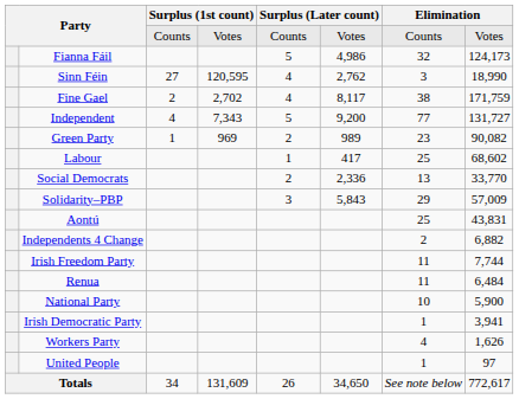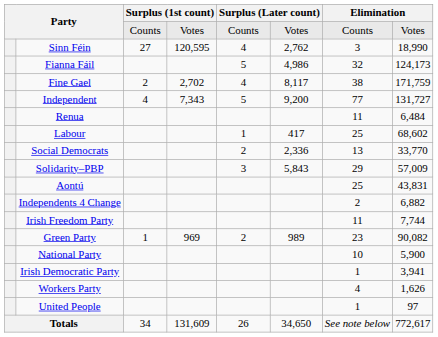 <table class="wikitable" style="text-align:center;">
 <tr style="text-align:right; background-color:#E9E9E9; text-align:center">
 <th rowspan="2" colspan="2">Party</th>
 <th colspan="2">Surplus (1st count)</th>
 <th colspan="2">Surplus (Later count)</th>
 <th colspan="2">Elimination</th>
 </tr>
 <tr style="text-align:right; background-color:#E9E9E9; text-align:center">
 <td>Counts</td>
 <td>Votes</td>
 <td>Counts</td>
 <td>Votes</td>
 <td>Counts</td>
 <td>Votes</td>
 </tr>
 <tr>
 <th width="10px" style="background-color: "></th>
+<td><a href='#'>Sinn Féin</a></td>
+<td>27</td>
+<td>120,595</td>
+<td>4</td>
+<td>2,762</td>
+<td>3</td>
+<td>18,990</td>
+</tr>
+<tr>
+<th width="10px" style="background-color: "></th>
 <td><a href='#'>Fianna Fáil</a></td>
 <td></td>
 <td></td>
 <td>5</td>
 <td>4,986</td>
 <td>32</td>
 <td>124,173</td>
-</tr>
-<tr>
-<th width="10px" style="background-color: "></th>
-<td><a href='#'>Sinn Féin</a></td>
-<td>27</td>
-<td>120,595</td>
-<td>4</td>
-<td>2,762</td>
-<td>3</td>
-<td>18,990</td>
 </tr>
 <tr>
 <th width="10px" style="background-color: "></th>
 <td><a href='#'>Fine Gael</a></td>
 <td>2</td>
 <td>2,702</td>
 <td>4</td>
 <td>8,117</td>
 <td>38</td>
 <td>171,759</td>
 </tr>
 <tr>
 <th width="10px" style="background-color: "></th>
 <td><a href='#'>Independent</a></td>
 <td>4</td>
 <td>7,343</td>
 <td>5</td>
 <td>9,200</td>
 <td>77</td>
 <td>131,727</td>
 </tr>
 <tr>
 <th width="10px" style="background-color: "></th>
-<td><a href='#'>Green Party</a></td>
-<td>1</td>
-<td>969</td>
-<td>2</td>
-<td>989</td>
-<td>23</td>
-<td>90,082</td>
+<td><a href='#'>Renua</a></td>
+<td></td>
+<td></td>
+<td></td>
+<td></td>
+<td>11</td>
+<td>6,484</td>
 </tr>
 <tr>
 <th width="10px" style="background-color: "></th>
 <td><a href='#'>Labour</a></td>
 <td></td>
 <td></td>
 <td>1</td>
 <td>417</td>
 <td>25</td>
 <td>68,602</td>
 </tr>
 <tr>
 <th width="10px" style="background-color: "></th>
 <td><a href='#'>Social Democrats</a></td>
 <td></td>
 <td></td>
 <td>2</td>
 <td>2,336</td>
 <td>13</td>
 <td>33,770</td>
 </tr>
 <tr>
 <th width="10px" style="background-color: "></th>
 <td><a href='#'>Solidarity–PBP</a></td>
 <td></td>
 <td></td>
 <td>3</td>
 <td>5,843</td>
 <td>29</td>
 <td>57,009</td>
 </tr>
 <tr>
 <th width="10px" style="background-color: "></th>
 <td><a href='#'>Aontú</a></td>
 <td></td>
 <td></td>
 <td></td>
 <td></td>
 <td>25</td>
 <td>43,831</td>
 </tr>
 <tr>
 <th width="10px" style="background-color: "></th>
 <td><a href='#'>Independents 4 Change</a></td>
 <td></td>
 <td></td>
 <td></td>
 <td></td>
 <td>2</td>
 <td>6,882</td>
 </tr>
 <tr>
 <th width="10px" style="background-color: "></th>
 <td><a href='#'>Irish Freedom Party</a></td>
 <td></td>
 <td></td>
 <td></td>
 <td></td>
 <td>11</td>
 <td>7,744</td>
 </tr>
 <tr>
 <th width="10px" style="background-color: "></th>
-<td><a href='#'>Renua</a></td>
-<td></td>
-<td></td>
-<td></td>
-<td></td>
-<td>11</td>
-<td>6,484</td>
+<td><a href='#'>Green Party</a></td>
+<td>1</td>
+<td>969</td>
+<td>2</td>
+<td>989</td>
+<td>23</td>
+<td>90,082</td>
 </tr>
 <tr>
 <th width="10px" style="background-color: "></th>
 <td><a href='#'>National Party</a></td>
 <td></td>
 <td></td>
 <td></td>
 <td></td>
 <td>10</td>
 <td>5,900</td>
 </tr>
 <tr>
 <th width="10px" style="background-color: "></th>
 <td><a href='#'>Irish Democratic Party</a></td>
 <td></td>
 <td></td>
 <td></td>
 <td></td>
 <td>1</td>
 <td>3,941</td>
 </tr>
 <tr>
 <th width="10px" style="background-color: "></th>
 <td><a href='#'>Workers Party</a></td>
 <td></td>
 <td></td>
 <td></td>
 <td></td>
 <td>4</td>
 <td>1,626</td>
 </tr>
 <tr>
 <th width="10px" style="background-color: "></th>
 <td><a href='#'>United People</a></td>
 <td></td>
 <td></td>
 <td></td>
 <td></td>
 <td>1</td>
 <td>97</td>
 </tr>
 <tr>
 <th colspan="2">Totals</th>
 <td>34</td>
 <td>131,609</td>
 <td>26</td>
 <td>34,650</td>
 <td><em>See note below</em></td>
 <td>772,617</td>
 </tr>
 </table>
